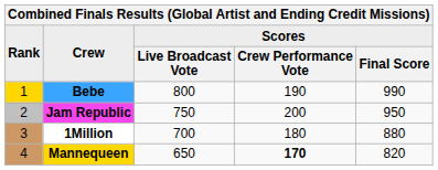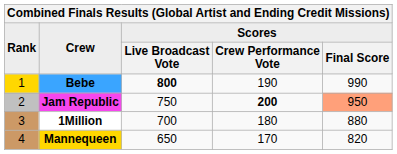 <table class="wikitable sortable" style="text-align:center; font-size:100%">
 <tr>
 <th colspan="6">Combined Finals Results (Global Artist and Ending Credit Missions)</th>
 </tr>
 <tr>
 <th rowspan="2" style="background:#EDEDED">Rank</th>
 <th rowspan="2" style="background:#EDEDED">Crew</th>
 <th colspan="4" style="background:#EDEDED">Scores</th>
 </tr>
 <tr>
 <th>Live Broadcast <br> Vote</th>
 <th>Crew Performance <br> Vote</th>
 <th>Final Score</th>
 </tr>
 <tr>
 <td style="background:gold">1</td>
 <td style="background:#3AA5FF"><strong>Bebe</strong></td>
-<td>800</td>
+<td><strong>800</strong></td>
 <td>190</td>
 <td>990</td>
 </tr>
 <tr>
 <td style="background:silver">2</td>
 <td style="background:#F646EE"><strong>Jam Republic</strong></td>
 <td>750</td>
-<td>200</td>
-<td>950</td>
+<td><strong>200</strong></td>
+<td style="background: lightsalmon;">950</td>
 </tr>
 <tr>
 <td style="background:#cc9966">3</td>
 <td style="background:white"><strong>1Million</strong></td>
 <td>700</td>
 <td>180</td>
 <td>880</td>
 </tr>
 <tr>
 <td style="background:#cc9966">4</td>
 <td style="background:gold"><strong>Mannequeen</strong></td>
 <td>650</td>
-<td><strong>170</strong></td>
+<td>170</td>
 <td>820</td>
 </tr>
 </table>
